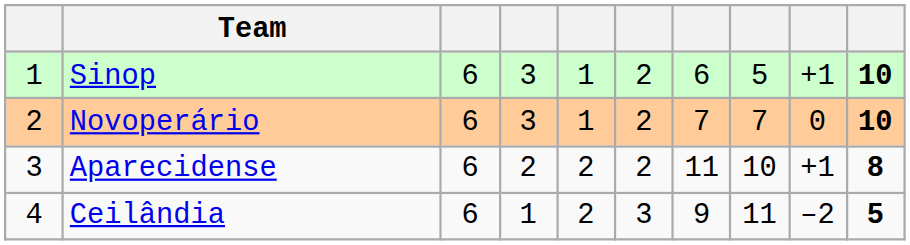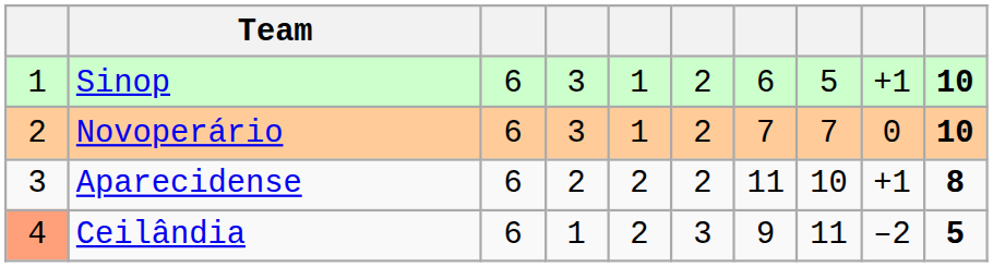 <table class="wikitable" style="text-align: center;">
 <tr>
 <th width=20></th>
 <th width=165>Team</th>
 <th width=20></th>
 <th width=20></th>
 <th width=20></th>
 <th width=20></th>
 <th width=20></th>
 <th width=20></th>
 <th width=20></th>
 <th width=20></th>
 </tr>
 <tr bgcolor=#ccffcc>
 <td>1</td>
 <td align=left> <a href='#'>Sinop</a></td>
 <td>6</td>
 <td>3</td>
 <td>1</td>
 <td>2</td>
 <td>6</td>
 <td>5</td>
 <td>+1</td>
 <td><strong>10</strong></td>
 </tr>
 <tr bgcolor=#ffcc99>
 <td>2</td>
 <td align=left> <a href='#'>Novoperário</a></td>
 <td>6</td>
 <td>3</td>
 <td>1</td>
 <td>2</td>
 <td>7</td>
 <td>7</td>
 <td>0</td>
 <td><strong>10</strong></td>
 </tr>
 <tr>
 <td>3</td>
 <td align=left> <a href='#'>Aparecidense</a></td>
 <td>6</td>
 <td>2</td>
 <td>2</td>
 <td>2</td>
 <td>11</td>
 <td>10</td>
 <td>+1</td>
 <td><strong>8</strong></td>
 </tr>
 <tr>
-<td>4</td>
+<td style="background: lightsalmon;">4</td>
 <td align=left> <a href='#'>Ceilândia</a></td>
 <td>6</td>
 <td>1</td>
 <td>2</td>
 <td>3</td>
 <td>9</td>
 <td>11</td>
 <td>–2</td>
 <td><strong>5</strong></td>
 </tr>
 </table>
